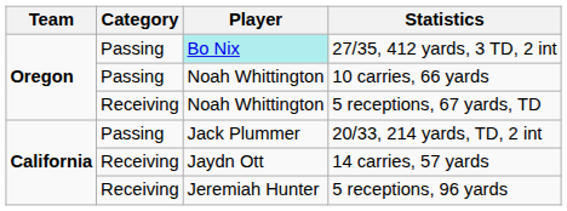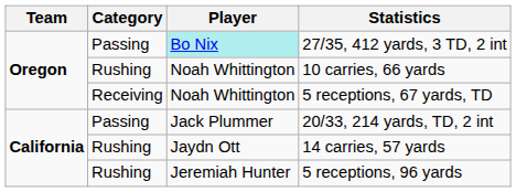 <table class="wikitable" style="float: right;">
 <tr>
 <th>Team</th>
 <th>Category</th>
 <th>Player</th>
 <th>Statistics</th>
 </tr>
 <tr>
 <td rowspan=3><strong>Oregon</strong></td>
 <td>Passing</td>
 <td style="background: paleturquoise;"><a href='#'>Bo Nix</a></td>
 <td>27/35, 412 yards, 3 TD, 2 int</td>
 </tr>
 <tr>
-<td>Passing</td>
+<td>Rushing</td>
 <td>Noah Whittington</td>
 <td>10 carries, 66 yards</td>
 </tr>
 <tr>
 <td>Receiving</td>
 <td>Noah Whittington</td>
 <td>5 receptions, 67 yards, TD</td>
 </tr>
 <tr>
 <td rowspan=3><strong>California</strong></td>
 <td>Passing</td>
 <td>Jack Plummer</td>
 <td>20/33, 214 yards, TD, 2 int</td>
 </tr>
 <tr>
-<td>Receiving</td>
+<td>Rushing</td>
 <td>Jaydn Ott</td>
 <td>14 carries, 57 yards</td>
 </tr>
 <tr>
-<td>Receiving</td>
+<td>Rushing</td>
 <td>Jeremiah Hunter</td>
 <td>5 receptions, 96 yards</td>
 </tr>
 </table>
